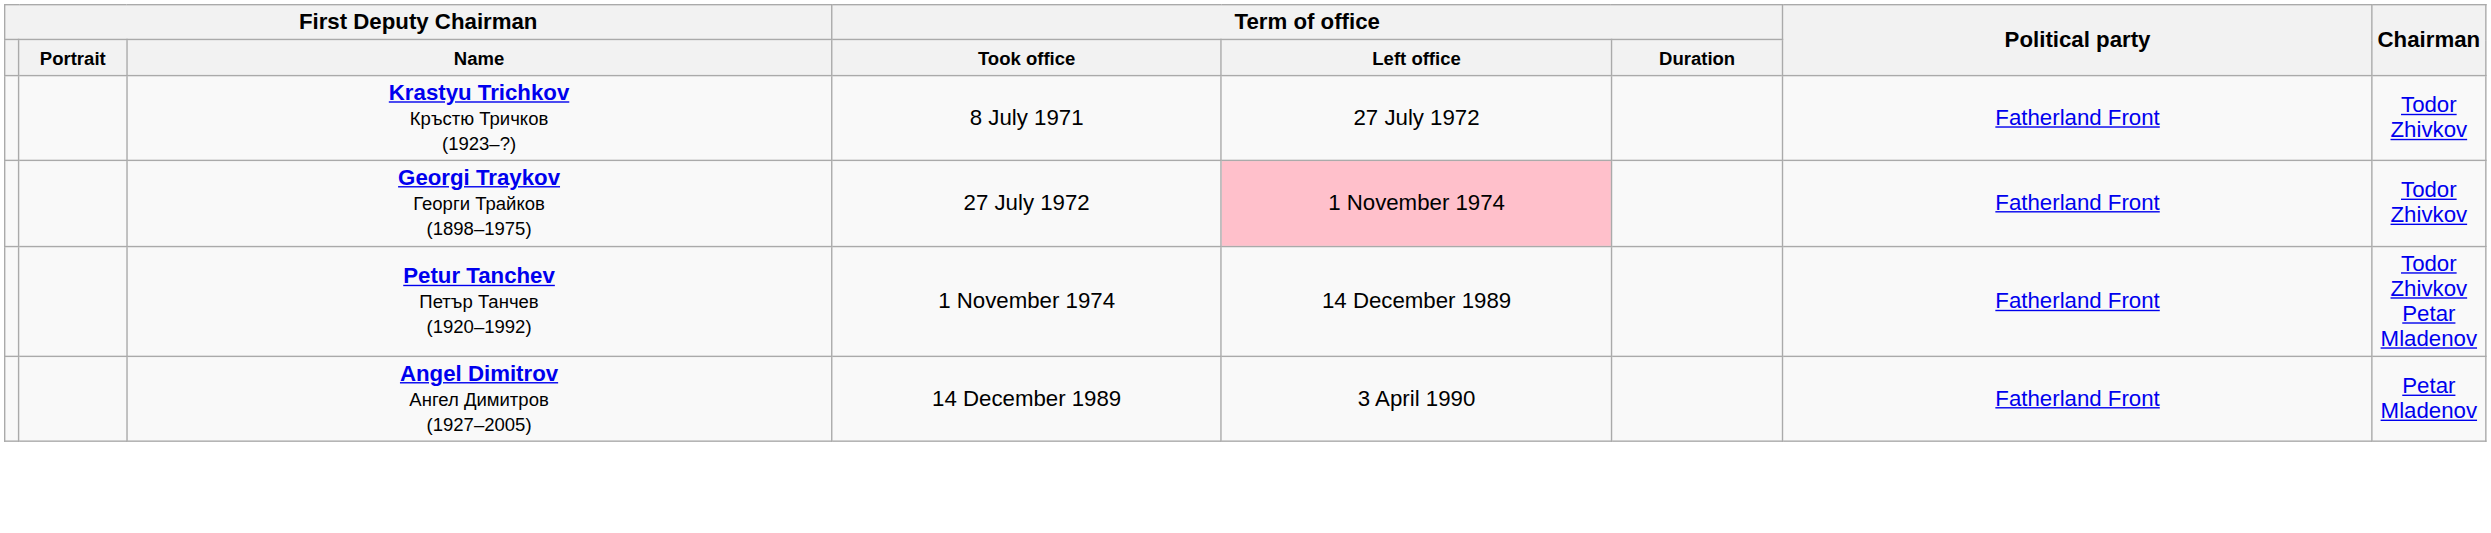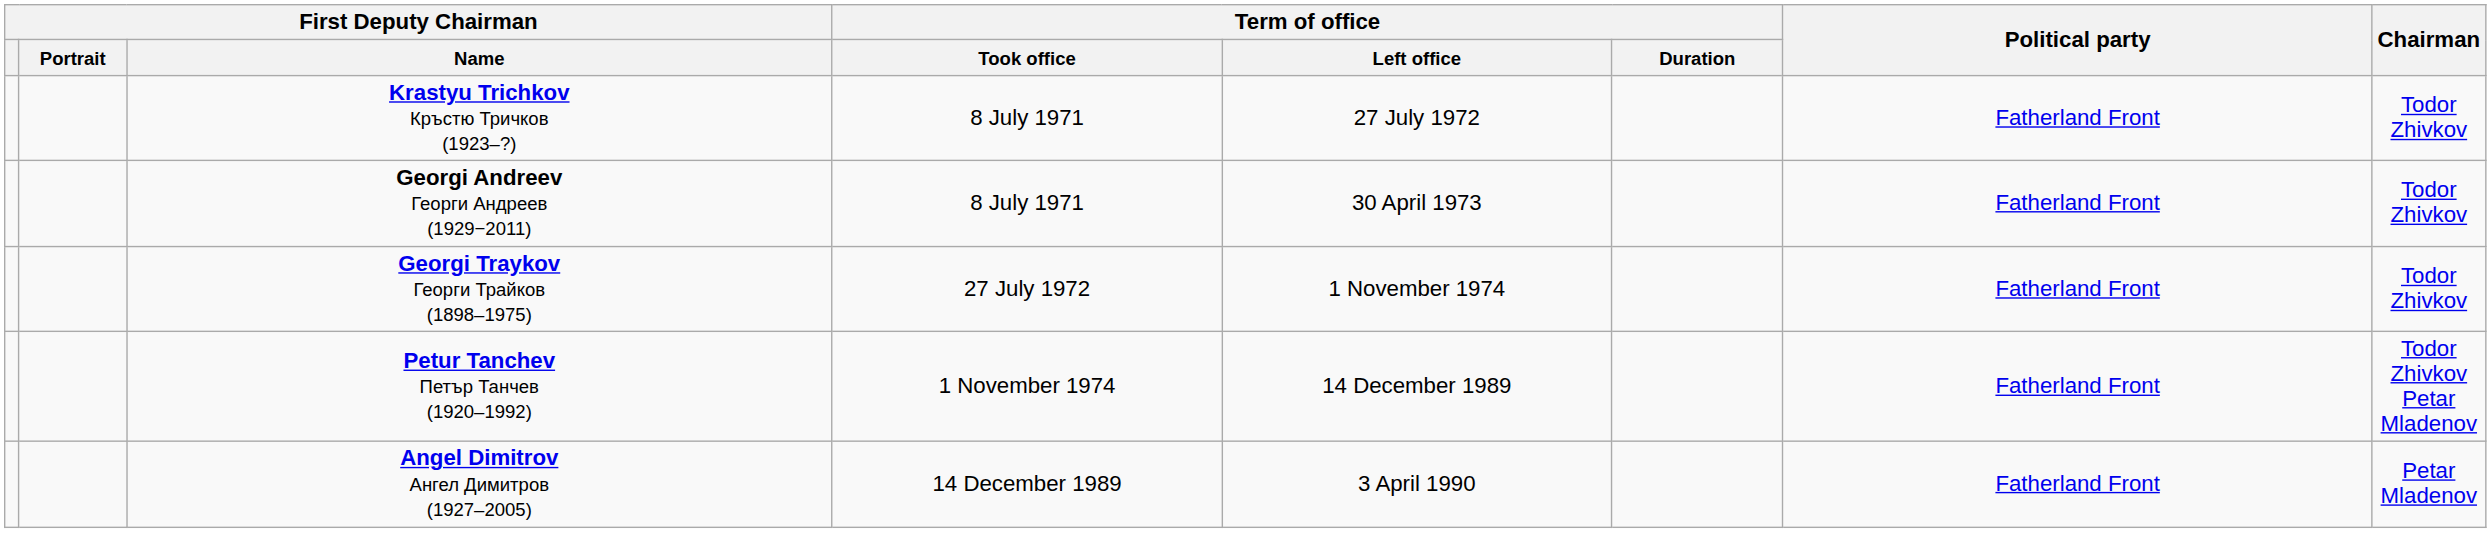 <table class="wikitable" style="text-align:center; width:90%">
 <tr>
 <th width=35% colspan=3>First Deputy Chairman</th>
 <th width=40% colspan=3>Term of office</th>
 <th width=25% rowspan=2>Political party</th>
 <th width=25% rowspan=2>Chairman</th>
 </tr>
 <tr>
 <th></th>
 <th><small>Portrait</small></th>
 <th width=30%><small>Name</small></th>
 <th><small>Took office</small></th>
 <th><small>Left office</small></th>
 <th><small>Duration</small></th>
 </tr>
 <tr>
 <td style="background:"></td>
 <td></td>
 <td><strong><a href='#'>Krastyu Trichkov</a></strong><br><small>Кръстю Тричков<br>(1923–?)</small></td>
 <td>8 July 1971</td>
 <td>27 July 1972</td>
 <td></td>
 <td><a href='#'>Fatherland Front</a></td>
 <td><a href='#'>Todor Zhivkov</a></td>
 </tr>
 <tr>
 <td style="background:"></td>
 <td></td>
+<td><strong>Georgi Andreev</strong> <br><small>Георги Андреев<br>(1929−2011)</small></td>
+<td>8 July 1971</td>
+<td>30 April 1973</td>
+<td></td>
+<td><a href='#'>Fatherland Front</a></td>
+<td><a href='#'>Todor Zhivkov</a></td>
+</tr>
+<tr>
+<td style="background:"></td>
+<td></td>
 <td><strong><a href='#'>Georgi Traykov</a></strong><br><small>Георги Трайков<br>(1898–1975)</small></td>
 <td>27 July 1972</td>
-<td style="background: pink;">1 November 1974</td>
+<td>1 November 1974</td>
 <td></td>
 <td><a href='#'>Fatherland Front</a></td>
 <td><a href='#'>Todor Zhivkov</a></td>
 </tr>
 <tr>
 <td style="background:"></td>
 <td></td>
 <td><strong><a href='#'>Petur Tanchev</a></strong><br><small>Петър Танчев<br>(1920–1992)</small></td>
 <td>1 November 1974</td>
 <td>14 December 1989</td>
 <td></td>
 <td><a href='#'>Fatherland Front</a></td>
 <td><a href='#'>Todor Zhivkov</a><br><a href='#'>Petar Mladenov</a></td>
 </tr>
 <tr>
 <td style="background:"></td>
 <td></td>
 <td><strong><a href='#'>Angel Dimitrov</a></strong><br><small>Ангел Димитров<br>(1927–2005)</small></td>
 <td>14 December 1989</td>
 <td>3 April 1990</td>
 <td></td>
 <td><a href='#'>Fatherland Front</a></td>
 <td><a href='#'>Petar Mladenov</a></td>
 </tr>
 </table>
